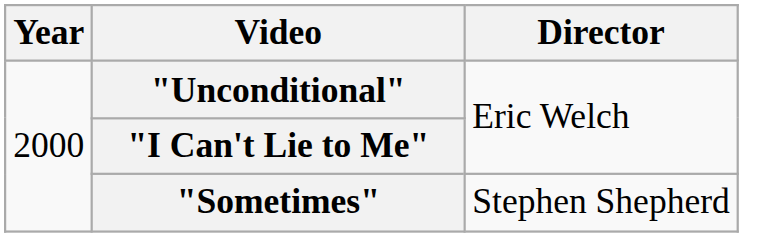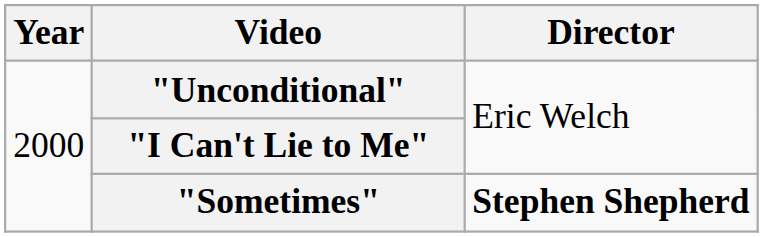 <table class="wikitable plainrowheaders">
 <tr>
 <th>Year</th>
 <th style="width:10em;">Video</th>
 <th>Director</th>
 </tr>
 <tr>
 <td rowspan="3">2000</td>
 <th scope="row">"Unconditional"</th>
 <td rowspan="2">Eric Welch</td>
 </tr>
 <tr>
 <th scope="row">"I Can't Lie to Me"</th>
 </tr>
 <tr>
 <th scope="row">"Sometimes"</th>
-<td>Stephen Shepherd</td>
+<td><strong>Stephen Shepherd</strong></td>
 </tr>
 </table>
